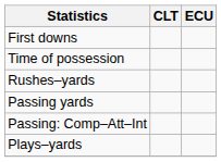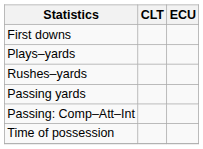 <table class="wikitable" style="float: left;">
 <tr>
 <th>Statistics</th>
 <th>CLT</th>
 <th>ECU</th>
 </tr>
 <tr>
 <td>First downs</td>
 <td></td>
 <td></td>
 </tr>
 <tr>
-<td>Time of possession</td>
+<td>Plays–yards</td>
 <td></td>
 <td></td>
 </tr>
 <tr>
 <td>Rushes–yards</td>
 <td></td>
 <td></td>
 </tr>
 <tr>
 <td>Passing yards</td>
 <td></td>
 <td></td>
 </tr>
 <tr>
 <td>Passing: Comp–Att–Int</td>
 <td></td>
 <td></td>
 </tr>
 <tr>
-<td>Plays–yards</td>
+<td>Time of possession</td>
 <td></td>
 <td></td>
 </tr>
 <tr>
 </tr>
 </table>
